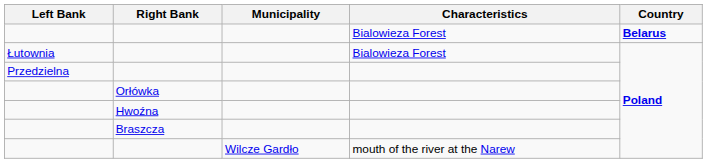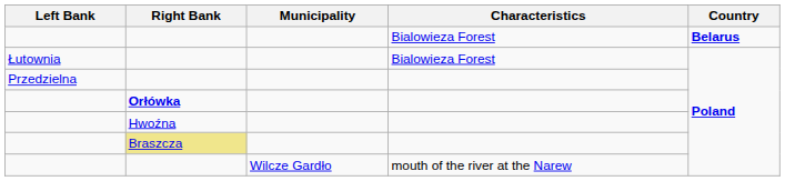 <table class="wikitable"  style="border-color:#f2f2f4; margin-top:1px; margin-bottom:15px; font-size:87%; width:65%;">
 <tr>
 <th>Left Bank</th>
 <th>Right Bank</th>
 <th>Municipality</th>
 <th>Characteristics</th>
 <th>Country</th>
 </tr>
 <tr>
 <td></td>
 <td></td>
 <td></td>
 <td><a href='#'>Bialowieza Forest</a></td>
 <td><strong><a href='#'>Belarus</a></strong></td>
 </tr>
 <tr>
 <td><a href='#'>Łutownia</a></td>
 <td></td>
 <td></td>
 <td><a href='#'>Bialowieza Forest</a></td>
 <td rowspan=6><strong><a href='#'>Poland</a></strong></td>
 </tr>
 <tr>
 <td><a href='#'>Przedzielna</a></td>
 <td></td>
 <td></td>
 <td></td>
 </tr>
 <tr>
 <td></td>
-<td><a href='#'>Orłówka</a></td>
+<td><strong><a href='#'>Orłówka</a></strong></td>
 <td></td>
 <td></td>
 </tr>
 <tr>
 <td></td>
 <td><a href='#'>Hwoźna</a></td>
 <td></td>
 <td></td>
 </tr>
 <tr>
 <td></td>
-<td><a href='#'>Braszcza</a></td>
+<td style="background: khaki;"><a href='#'>Braszcza</a></td>
 <td></td>
 <td></td>
 </tr>
 <tr>
 <td></td>
 <td></td>
 <td><a href='#'>Wilcze Gardło</a></td>
 <td>mouth of the river at the <a href='#'>Narew</a></td>
 </tr>
 </table>
